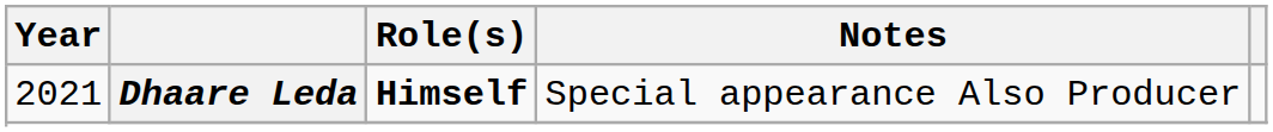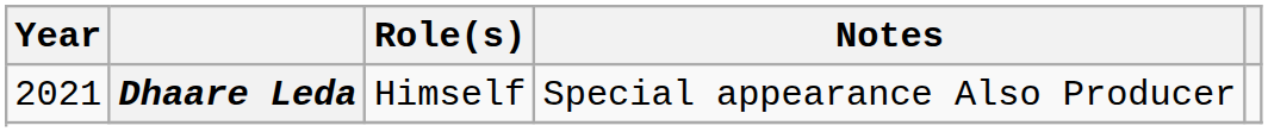 <table class="wikitable sortable plainrowheaders">
 <tr>
 <th scope="col">Year</th>
 <th scope="col"></th>
 <th scope="col">Role(s)</th>
 <th scope="col" class="unsortable">Notes</th>
 <th scope="col" class="unsortable"></th>
 </tr>
 <tr>
 <td rowspan="2">2021</td>
 <th scope="row"><em>Dhaare Leda</em></th>
-<td><strong>Himself</strong></td>
+<td>Himself</td>
 <td>Special appearance Also Producer</td>
 <td></td>
 </tr>
 <tr>
 </tr>
 </table>
